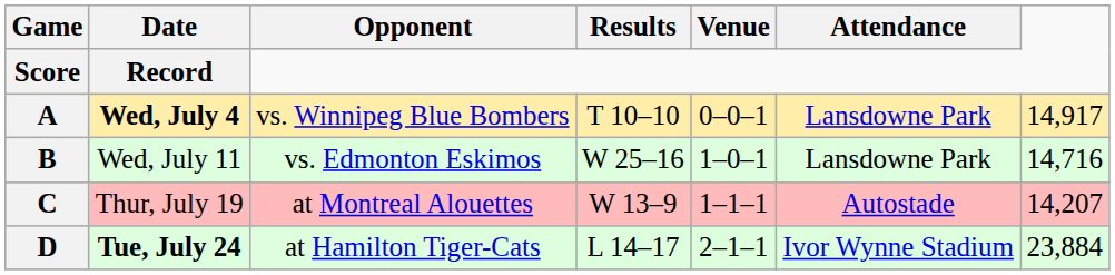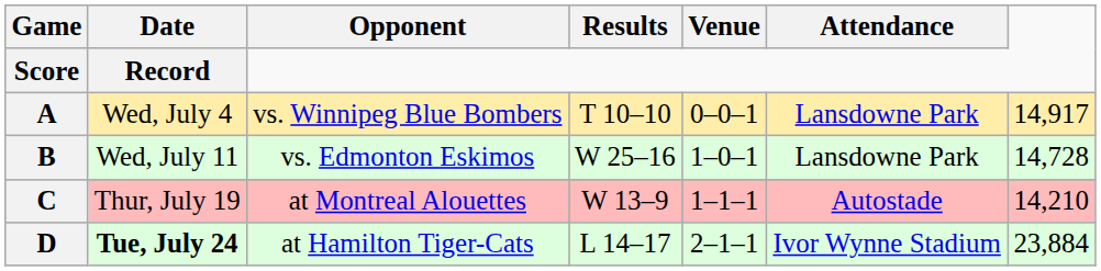 <table class="wikitable" style="text-align:center">
 <tr>
 <th>Game</th>
 <th>Date</th>
 <th>Opponent</th>
 <th>Results</th>
 <th>Venue</th>
 <th>Attendance</th>
 </tr>
 <tr>
 <th>Score</th>
 <th>Record</th>
 </tr>
 <tr style="background:#ffeeaa">
 <th>A</th>
-<td><strong>Wed, July 4</strong></td>
+<td>Wed, July 4</td>
 <td>vs. <a href='#'>Winnipeg Blue Bombers</a></td>
 <td>T 10–10</td>
 <td>0–0–1</td>
 <td><a href='#'>Lansdowne Park</a></td>
 <td>14,917</td>
 </tr>
 <tr style="background:#ddffdd">
 <th>B</th>
 <td>Wed, July 11</td>
 <td>vs. <a href='#'>Edmonton Eskimos</a></td>
 <td>W 25–16</td>
 <td>1–0–1</td>
 <td>Lansdowne Park</td>
-<td>14,716</td>
+<td>14,728</td>
 </tr>
 <tr style="background:#ffbbbb">
 <th>C</th>
 <td>Thur, July 19</td>
 <td>at <a href='#'>Montreal Alouettes</a></td>
 <td>W 13–9</td>
 <td>1–1–1</td>
 <td><a href='#'>Autostade</a></td>
-<td>14,207</td>
+<td>14,210</td>
 </tr>
 <tr style="background:#ddffdd">
 <th>D</th>
 <td><strong>Tue, July 24</strong></td>
 <td>at <a href='#'>Hamilton Tiger-Cats</a></td>
 <td>L 14–17</td>
 <td>2–1–1</td>
 <td><a href='#'>Ivor Wynne Stadium</a></td>
 <td>23,884</td>
 </tr>
 </table>
